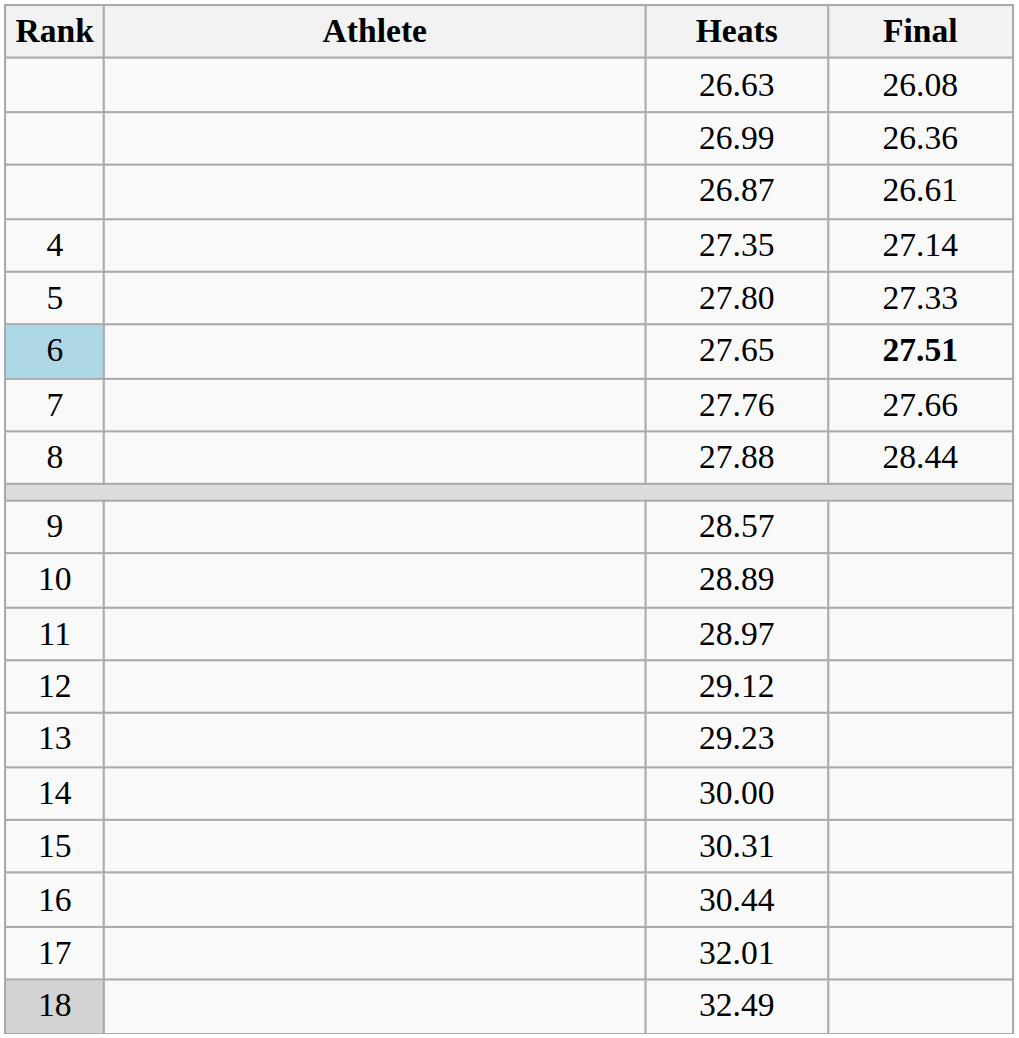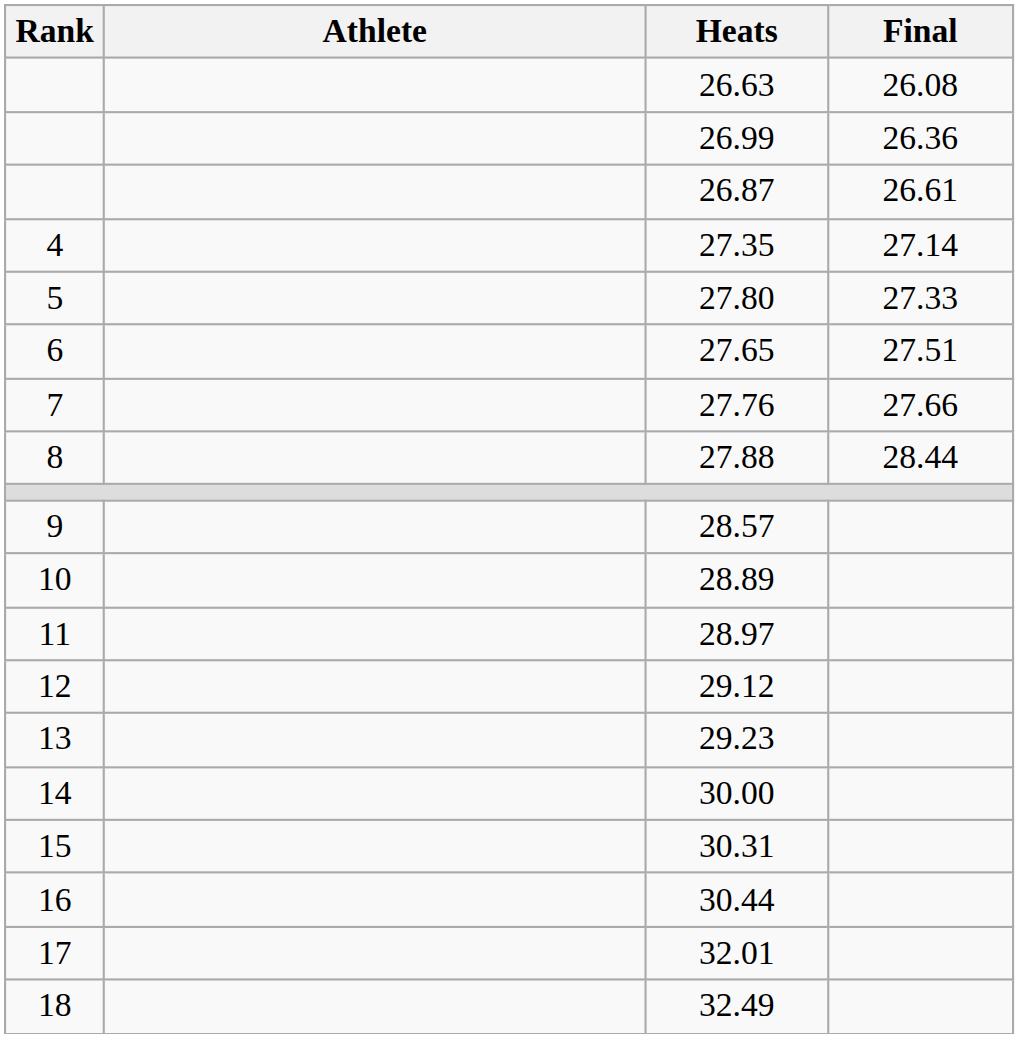 <table class=wikitable style="text-align:center">
 <tr>
 <th width=40>Rank</th>
 <th width=250>Athlete</th>
 <th width=80>Heats</th>
 <th width=80>Final</th>
 </tr>
 <tr>
 <td></td>
 <td align=left></td>
 <td>26.63</td>
 <td>26.08</td>
 </tr>
 <tr>
 <td></td>
 <td align=left></td>
 <td>26.99</td>
 <td>26.36</td>
 </tr>
 <tr>
 <td></td>
 <td align=left></td>
 <td>26.87</td>
 <td>26.61</td>
 </tr>
 <tr>
 <td>4</td>
 <td align=left></td>
 <td>27.35</td>
 <td>27.14</td>
 </tr>
 <tr>
 <td>5</td>
 <td align=left></td>
 <td>27.80</td>
 <td>27.33</td>
 </tr>
 <tr>
-<td style="background: lightblue;">6</td>
+<td>6</td>
 <td align=left></td>
 <td>27.65</td>
-<td><strong>27.51</strong></td>
+<td>27.51</td>
 </tr>
 <tr>
 <td>7</td>
 <td align=left></td>
 <td>27.76</td>
 <td>27.66</td>
 </tr>
 <tr>
 <td>8</td>
 <td align=left></td>
 <td>27.88</td>
 <td>28.44</td>
 </tr>
 <tr bgcolor=#DDDDDD>
 <td colspan=4></td>
 </tr>
 <tr>
 <td>9</td>
 <td align=left></td>
 <td>28.57</td>
 <td></td>
 </tr>
 <tr>
 <td>10</td>
 <td align=left></td>
 <td>28.89</td>
 <td></td>
 </tr>
 <tr>
 <td>11</td>
 <td align=left></td>
 <td>28.97</td>
 <td></td>
 </tr>
 <tr>
 <td>12</td>
 <td align=left></td>
 <td>29.12</td>
 <td></td>
 </tr>
 <tr>
 <td>13</td>
 <td align=left></td>
 <td>29.23</td>
 <td></td>
 </tr>
 <tr>
 <td>14</td>
 <td align=left></td>
 <td>30.00</td>
 <td></td>
 </tr>
 <tr>
 <td>15</td>
 <td align=left></td>
 <td>30.31</td>
 <td></td>
 </tr>
 <tr>
 <td>16</td>
 <td align=left></td>
 <td>30.44</td>
 <td></td>
 </tr>
 <tr>
 <td>17</td>
 <td align=left></td>
 <td>32.01</td>
 <td></td>
 </tr>
 <tr>
-<td style="background: lightgrey;">18</td>
+<td>18</td>
 <td align=left></td>
 <td>32.49</td>
 <td></td>
 </tr>
 </table>
